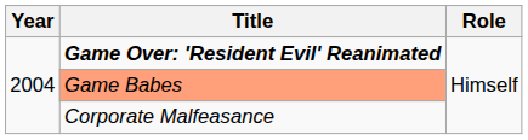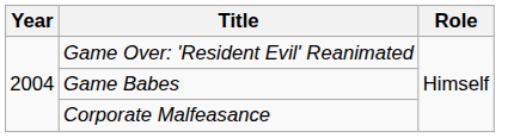 <table class="wikitable sortable">
 <tr>
 <th>Year</th>
 <th>Title</th>
 <th>Role</th>
 </tr>
 <tr>
 <td rowspan="3">2004</td>
-<td><strong><em>Game Over: 'Resident Evil' Reanimated</em></strong></td>
+<td><em>Game Over: 'Resident Evil' Reanimated</em></td>
 <td rowspan="3">Himself</td>
 </tr>
 <tr>
-<td style="background: lightsalmon;"><em>Game Babes</em></td>
+<td><em>Game Babes</em></td>
 </tr>
 <tr>
 <td><em>Corporate Malfeasance</em></td>
 </tr>
 </table>
